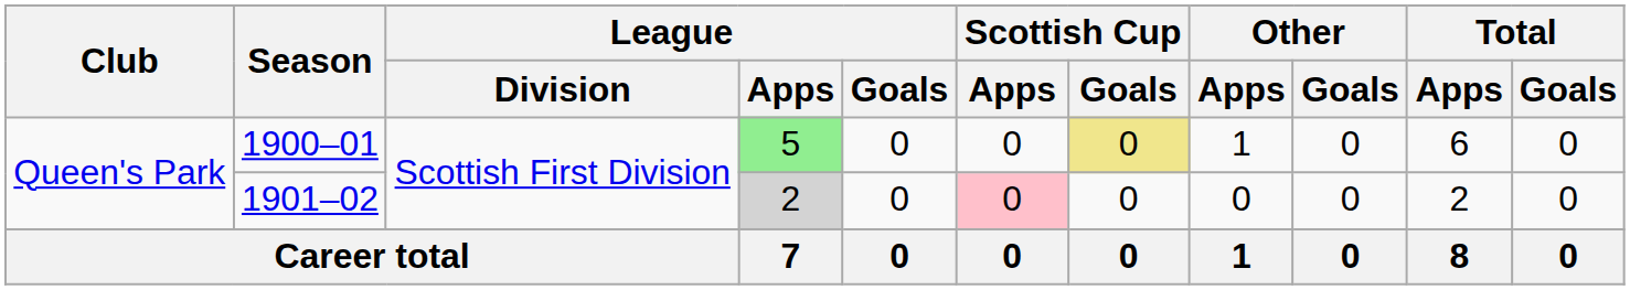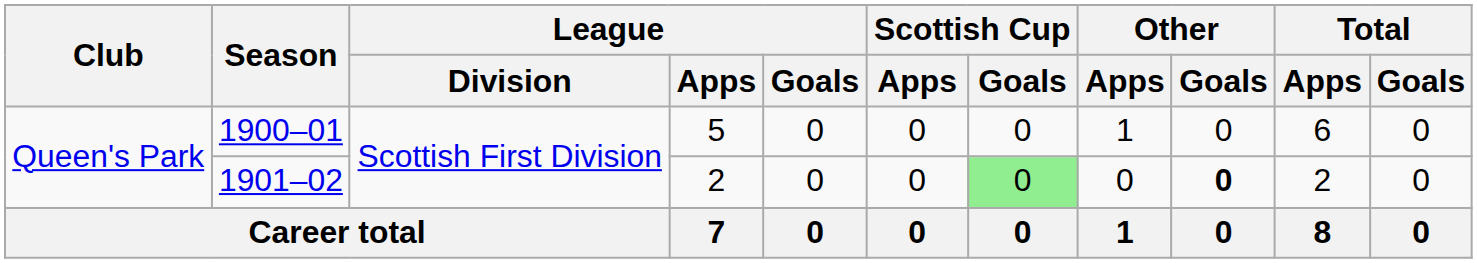 <table class="wikitable" style="text-align: center;">
 <tr>
 <th rowspan="2">Club</th>
 <th rowspan="2">Season</th>
 <th colspan="3">League</th>
 <th colspan="2">Scottish Cup</th>
 <th colspan="2">Other</th>
 <th colspan="2">Total</th>
 </tr>
 <tr>
 <th>Division</th>
 <th>Apps</th>
 <th>Goals</th>
 <th>Apps</th>
 <th>Goals</th>
 <th>Apps</th>
 <th>Goals</th>
 <th>Apps</th>
 <th>Goals</th>
 </tr>
 <tr>
 <td rowspan="2"><a href='#'>Queen's Park</a></td>
 <td><a href='#'>1900–01</a></td>
 <td rowspan="2"><a href='#'>Scottish First Division</a></td>
-<td style="background: lightgreen;">5</td>
+<td>5</td>
 <td>0</td>
 <td>0</td>
-<td style="background: khaki;">0</td>
+<td>0</td>
 <td>1</td>
 <td>0</td>
 <td>6</td>
 <td>0</td>
 </tr>
 <tr>
 <td><a href='#'>1901–02</a></td>
-<td style="background: lightgrey;">2</td>
-<td>0</td>
-<td style="background: pink;">0</td>
+<td>2</td>
 <td>0</td>
 <td>0</td>
+<td style="background: lightgreen;">0</td>
 <td>0</td>
+<td><strong>0</strong></td>
 <td>2</td>
 <td>0</td>
 </tr>
 <tr>
 <th colspan="3">Career total</th>
 <th>7</th>
 <th>0</th>
 <th>0</th>
 <th>0</th>
 <th>1</th>
 <th>0</th>
 <th>8</th>
 <th>0</th>
 </tr>
 </table>
